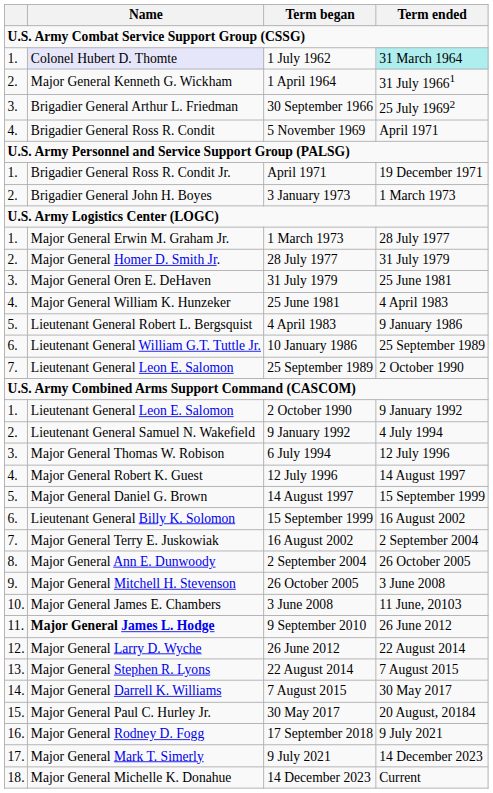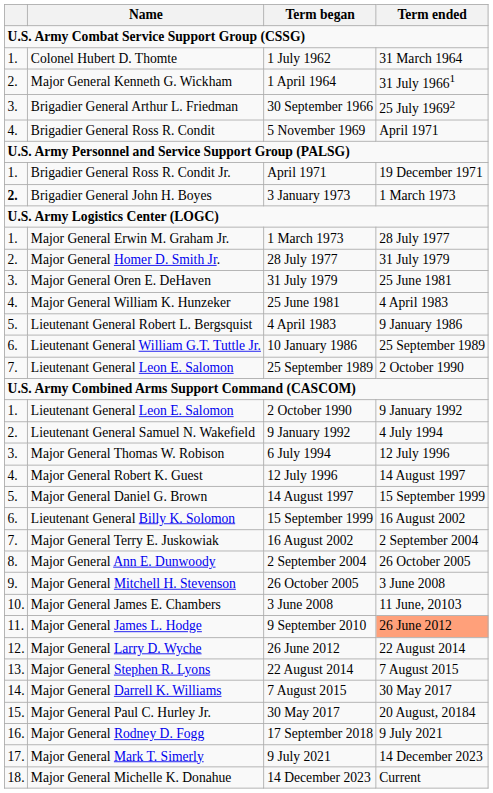 <table class="wikitable">
 <tr>
 <th></th>
 <th>Name</th>
 <th>Term began</th>
 <th>Term ended</th>
 </tr>
 <tr>
 <td colspan="4"><strong>U.S. Army Combat Service Support Group (CSSG)</strong></td>
 </tr>
 <tr>
 <td>1.</td>
-<td style="background: lavender;">Colonel Hubert D. Thomte</td>
+<td>Colonel Hubert D. Thomte</td>
 <td>1 July 1962</td>
-<td style="background: paleturquoise;">31 March 1964</td>
+<td>31 March 1964</td>
 </tr>
 <tr>
 <td>2.</td>
 <td>Major General Kenneth G. Wickham</td>
 <td>1 April 1964</td>
 <td>31 July 1966<sup>1</sup></td>
 </tr>
 <tr>
 <td>3.</td>
 <td>Brigadier General Arthur L. Friedman</td>
 <td>30 September 1966</td>
 <td>25 July 1969<sup>2</sup></td>
 </tr>
 <tr>
 <td>4.</td>
 <td>Brigadier General Ross R. Condit</td>
 <td>5 November 1969</td>
 <td>April 1971</td>
 </tr>
 <tr>
 <td colspan="4"><strong>U.S. Army Personnel and Service Support Group (PALSG)</strong></td>
 </tr>
 <tr>
 <td>1.</td>
 <td>Brigadier General Ross R. Condit Jr.</td>
 <td>April 1971</td>
 <td>19 December 1971</td>
 </tr>
 <tr>
-<td>2.</td>
+<td><strong>2.</strong></td>
 <td>Brigadier General John H. Boyes</td>
 <td>3 January 1973</td>
 <td>1 March 1973</td>
 </tr>
 <tr>
 <td colspan="4"><strong>U.S. Army Logistics Center (LOGC)</strong></td>
 </tr>
 <tr>
 <td>1.</td>
 <td>Major General Erwin M. Graham Jr.</td>
 <td>1 March 1973</td>
 <td>28 July 1977</td>
 </tr>
 <tr>
 <td>2.</td>
 <td>Major General <a href='#'>Homer D. Smith Jr</a>.</td>
 <td>28 July 1977</td>
 <td>31 July 1979</td>
 </tr>
 <tr>
 <td>3.</td>
 <td>Major General Oren E. DeHaven</td>
 <td>31 July 1979</td>
 <td>25 June 1981</td>
 </tr>
 <tr>
 <td>4.</td>
 <td>Major General William K. Hunzeker</td>
 <td>25 June 1981</td>
 <td>4 April 1983</td>
 </tr>
 <tr>
 <td>5.</td>
 <td>Lieutenant General Robert L. Bergsquist</td>
 <td>4 April 1983</td>
 <td>9 January 1986</td>
 </tr>
 <tr>
 <td>6.</td>
 <td>Lieutenant General <a href='#'>William G.T. Tuttle Jr.</a></td>
 <td>10 January 1986</td>
 <td>25 September 1989</td>
 </tr>
 <tr>
 <td>7.</td>
 <td>Lieutenant General <a href='#'>Leon E. Salomon</a></td>
 <td>25 September 1989</td>
 <td>2 October 1990</td>
 </tr>
 <tr>
 <td colspan="4"><strong>U.S. Army Combined Arms Support Command (CASCOM)</strong></td>
 </tr>
 <tr>
 <td>1.</td>
 <td>Lieutenant General <a href='#'>Leon E. Salomon</a></td>
 <td>2 October 1990</td>
 <td>9 January 1992</td>
 </tr>
 <tr>
 <td>2.</td>
 <td>Lieutenant General Samuel N. Wakefield</td>
 <td>9 January 1992</td>
 <td>4 July 1994</td>
 </tr>
 <tr>
 <td>3.</td>
 <td>Major General Thomas W. Robison</td>
 <td>6 July 1994</td>
 <td>12 July 1996</td>
 </tr>
 <tr>
 <td>4.</td>
 <td>Major General Robert K. Guest</td>
 <td>12 July 1996</td>
 <td>14 August 1997</td>
 </tr>
 <tr>
 <td>5.</td>
 <td>Major General Daniel G. Brown</td>
 <td>14 August 1997</td>
 <td>15 September 1999</td>
 </tr>
 <tr>
 <td>6.</td>
 <td>Lieutenant General <a href='#'>Billy K. Solomon</a></td>
 <td>15 September 1999</td>
 <td>16 August 2002</td>
 </tr>
 <tr>
 <td>7.</td>
 <td>Major General Terry E. Juskowiak</td>
 <td>16 August 2002</td>
 <td>2 September 2004</td>
 </tr>
 <tr>
 <td>8.</td>
 <td>Major General <a href='#'>Ann E. Dunwoody</a></td>
 <td>2 September 2004</td>
 <td>26 October 2005</td>
 </tr>
 <tr>
 <td>9.</td>
 <td>Major General <a href='#'>Mitchell H. Stevenson</a></td>
 <td>26 October 2005</td>
 <td>3 June 2008</td>
 </tr>
 <tr>
 <td>10.</td>
 <td>Major General James E. Chambers</td>
 <td>3 June 2008</td>
 <td>11 June, 20103</td>
 </tr>
 <tr>
 <td>11.</td>
-<td><strong>Major General <a href='#'>James L. Hodge</a></strong></td>
+<td>Major General <a href='#'>James L. Hodge</a></td>
 <td>9 September 2010</td>
-<td>26 June 2012</td>
+<td style="background: lightsalmon;">26 June 2012</td>
 </tr>
 <tr>
 <td>12.</td>
 <td>Major General <a href='#'>Larry D. Wyche</a></td>
 <td>26 June 2012</td>
 <td>22 August 2014</td>
 </tr>
 <tr>
 <td>13.</td>
 <td>Major General <a href='#'>Stephen R. Lyons</a></td>
 <td>22 August 2014</td>
 <td>7 August 2015</td>
 </tr>
 <tr>
 <td>14.</td>
 <td>Major General <a href='#'>Darrell K. Williams</a></td>
 <td>7 August 2015</td>
 <td>30 May 2017</td>
 </tr>
 <tr>
 <td>15.</td>
 <td>Major General Paul C. Hurley Jr.</td>
 <td>30 May 2017</td>
 <td>20 August, 20184</td>
 </tr>
 <tr>
 <td>16.</td>
 <td>Major General <a href='#'>Rodney D. Fogg</a></td>
 <td>17 September 2018</td>
 <td>9 July 2021</td>
 </tr>
 <tr>
 <td>17.</td>
 <td>Major General <a href='#'>Mark T. Simerly</a></td>
 <td>9 July 2021</td>
 <td>14 December 2023</td>
 </tr>
 <tr>
 <td>18.</td>
 <td>Major General Michelle K. Donahue</td>
 <td>14 December 2023</td>
 <td>Current</td>
 </tr>
 </table>
